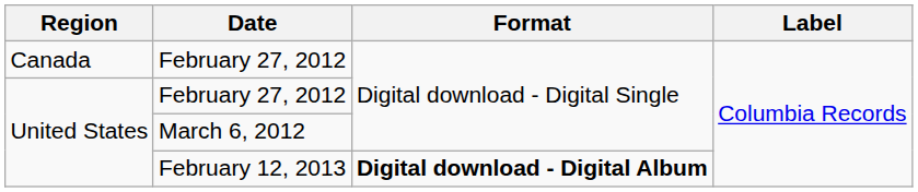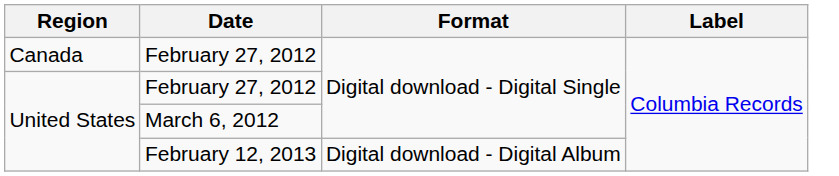 <table class=wikitable>
 <tr>
 <th>Region</th>
 <th>Date</th>
 <th>Format</th>
 <th>Label</th>
 </tr>
 <tr>
 <td rowspan="1">Canada</td>
 <td>February 27, 2012 </td>
 <td rowspan="3">Digital download - Digital Single</td>
 <td rowspan="4"><a href='#'>Columbia Records</a></td>
 </tr>
 <tr>
 <td rowspan="3">United States</td>
 <td>February 27, 2012 </td>
 </tr>
 <tr>
 <td>March 6, 2012</td>
 </tr>
 <tr>
 <td>February 12, 2013</td>
-<td><strong>Digital download - Digital Album</strong></td>
+<td>Digital download - Digital Album</td>
 </tr>
 </table>
